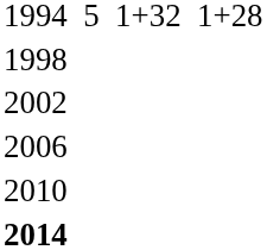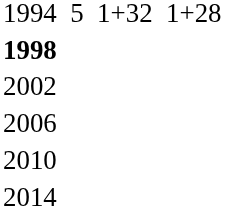 <table>
 <tr>
 <td>1994</td>
 <td></td>
 <td>5</td>
 <td></td>
 <td>1+32</td>
 <td></td>
 <td>1+28</td>
 </tr>
 <tr>
-<td>1998</td>
+<td><strong>1998</strong></td>
 <td></td>
 <td></td>
 <td></td>
 <td></td>
 <td></td>
 <td></td>
 </tr>
 <tr>
 <td>2002</td>
 <td></td>
 <td></td>
 <td></td>
 <td></td>
 <td></td>
 <td></td>
 </tr>
 <tr>
 <td>2006<br></td>
 <td></td>
 <td></td>
 <td></td>
 <td></td>
 <td></td>
 <td></td>
 </tr>
 <tr>
 <td>2010<br></td>
 <td></td>
 <td></td>
 <td></td>
 <td></td>
 <td></td>
 <td></td>
 </tr>
 <tr>
-<td><strong>2014<br></strong></td>
+<td>2014<br></td>
 <td></td>
 <td></td>
 <td></td>
 <td></td>
 <td></td>
 <td></td>
 </tr>
 </table>
